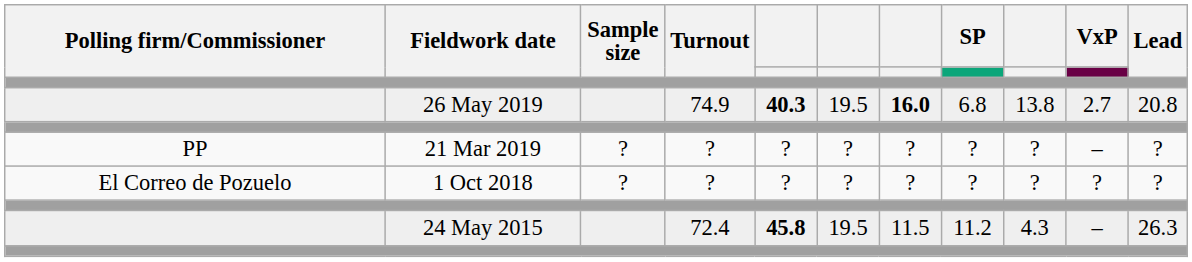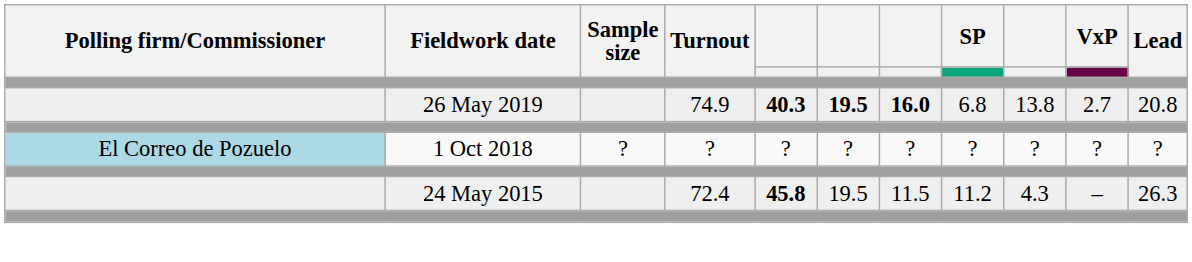 <table class="wikitable collapsible collapsed" style="text-align:center; font-size:95%; line-height:16px;">
 <tr style="height:42px;">
 <th style="width:250px;" rowspan="2">Polling firm/Commissioner</th>
 <th style="width:125px;" rowspan="2">Fieldwork date</th>
 <th style="width:50px;" rowspan="2">Sample size</th>
 <th style="width:45px;" rowspan="2">Turnout</th>
 <th style="width:35px;"></th>
 <th style="width:35px;"></th>
 <th style="width:35px;"></th>
 <th style="width:35px;">SP</th>
 <th style="width:35px;"></th>
 <th style="width:35px;">VxP</th>
 <th style="width:30px;" rowspan="2">Lead</th>
 </tr>
 <tr>
 <th style="color:inherit;background:"></th>
 <th style="color:inherit;background:"></th>
 <th style="color:inherit;background:"></th>
 <th style="color:inherit;background:#0BA67A;"></th>
 <th style="color:inherit;background:"></th>
 <th style="color:inherit;background:#690045;"></th>
 </tr>
 <tr>
 <td colspan="11" style="background:#A0A0A0"></td>
 </tr>
 <tr style="background:#EFEFEF;">
 <td><strong></strong></td>
 <td>26 May 2019</td>
 <td></td>
 <td>74.9</td>
 <td><strong>40.3</strong><br></td>
-<td>19.5<br></td>
+<td><strong>19.5<br></strong></td>
 <td><strong>16.0<br></strong></td>
 <td>6.8<br></td>
 <td>13.8<br></td>
 <td>2.7<br></td>
 <td style="background:">20.8</td>
 </tr>
 <tr>
 <td colspan="11" style="background:#A0A0A0"></td>
 </tr>
 <tr>
-<td>PP</td>
-<td>21 Mar 2019</td>
-<td>?</td>
-<td>?</td>
-<td>?<br></td>
-<td>?<br></td>
-<td>?<br></td>
-<td>?<br></td>
-<td>?<br></td>
-<td>–</td>
-<td style="background:">?</td>
-</tr>
-<tr>
-<td>El Correo de Pozuelo</td>
+<td style="background: lightblue;">El Correo de Pozuelo</td>
 <td>1 Oct 2018</td>
 <td>?</td>
 <td>?</td>
 <td>?<br></td>
 <td>?<br></td>
 <td>?<br></td>
 <td>?<br></td>
 <td>?<br></td>
 <td>?<br></td>
 <td style="background:">?</td>
 </tr>
 <tr>
 <td colspan="11" style="background:#A0A0A0"></td>
 </tr>
 <tr style="background:#EFEFEF;">
 <td><strong></strong></td>
 <td>24 May 2015</td>
 <td></td>
 <td>72.4</td>
 <td><strong>45.8</strong><br></td>
 <td>19.5<br></td>
 <td>11.5<br></td>
 <td>11.2<br></td>
 <td>4.3<br></td>
 <td>–</td>
 <td style="background:">26.3</td>
 </tr>
 <tr>
 <td colspan="11" style="background:#A0A0A0"></td>
 </tr>
 </table>
